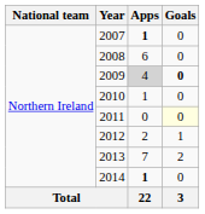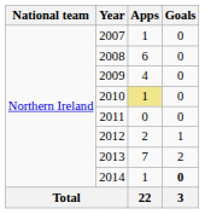 <table class="wikitable" style="text-align: center;">
 <tr>
 <th>National team</th>
 <th>Year</th>
 <th>Apps</th>
 <th>Goals</th>
 </tr>
 <tr>
 <td rowspan="8"><a href='#'>Northern Ireland</a></td>
 <td>2007</td>
-<td><strong>1</strong></td>
+<td>1</td>
 <td>0</td>
 </tr>
 <tr>
 <td>2008</td>
 <td>6</td>
 <td>0</td>
 </tr>
 <tr>
 <td>2009</td>
-<td style="background: lightgrey;">4</td>
-<td><strong>0</strong></td>
+<td>4</td>
+<td>0</td>
 </tr>
 <tr>
 <td>2010</td>
-<td>1</td>
+<td style="background: khaki;">1</td>
 <td>0</td>
 </tr>
 <tr>
 <td>2011</td>
 <td>0</td>
-<td style="background: lightyellow;">0</td>
+<td>0</td>
 </tr>
 <tr>
 <td>2012</td>
 <td>2</td>
 <td>1</td>
 </tr>
 <tr>
 <td>2013</td>
 <td>7</td>
 <td>2</td>
 </tr>
 <tr>
 <td>2014</td>
-<td><strong>1</strong></td>
-<td>0</td>
+<td>1</td>
+<td><strong>0</strong></td>
 </tr>
 <tr>
 <th colspan="2">Total</th>
 <th>22</th>
 <th>3</th>
 </tr>
 </table>
